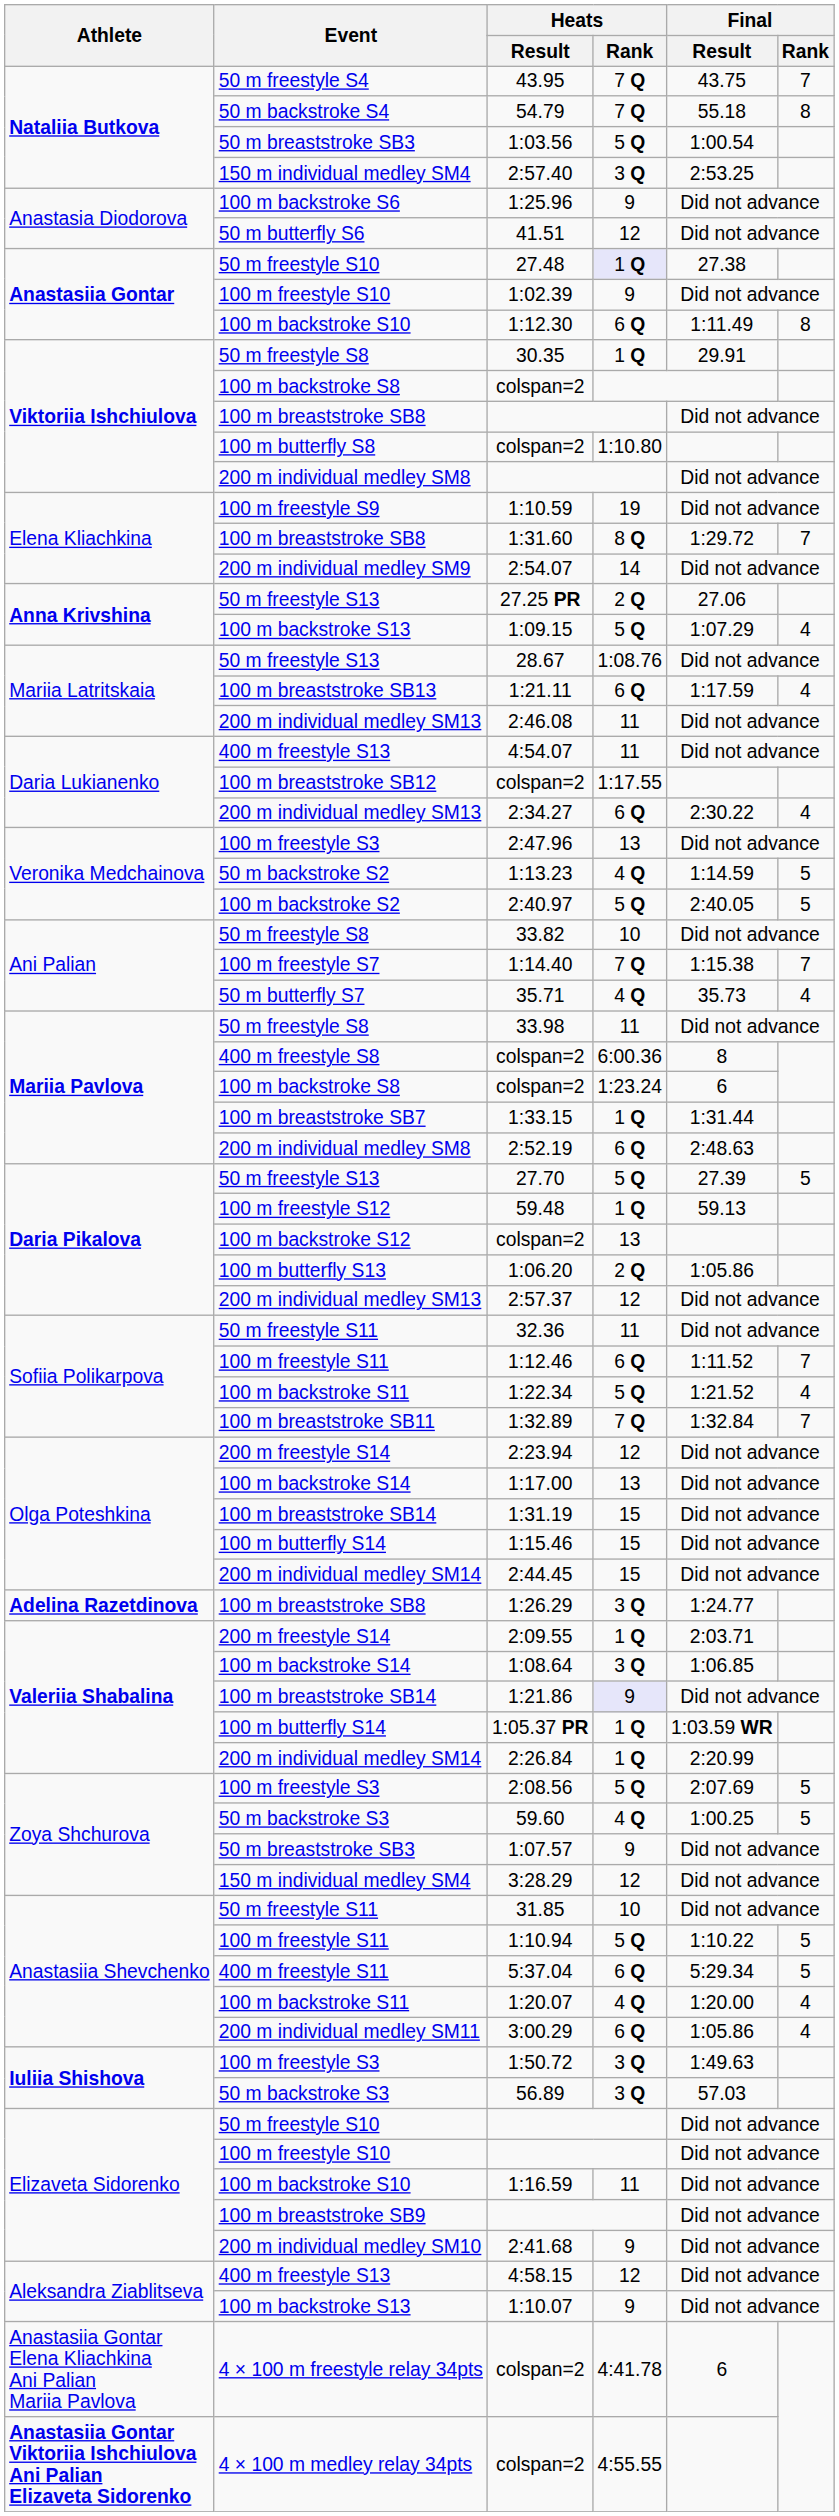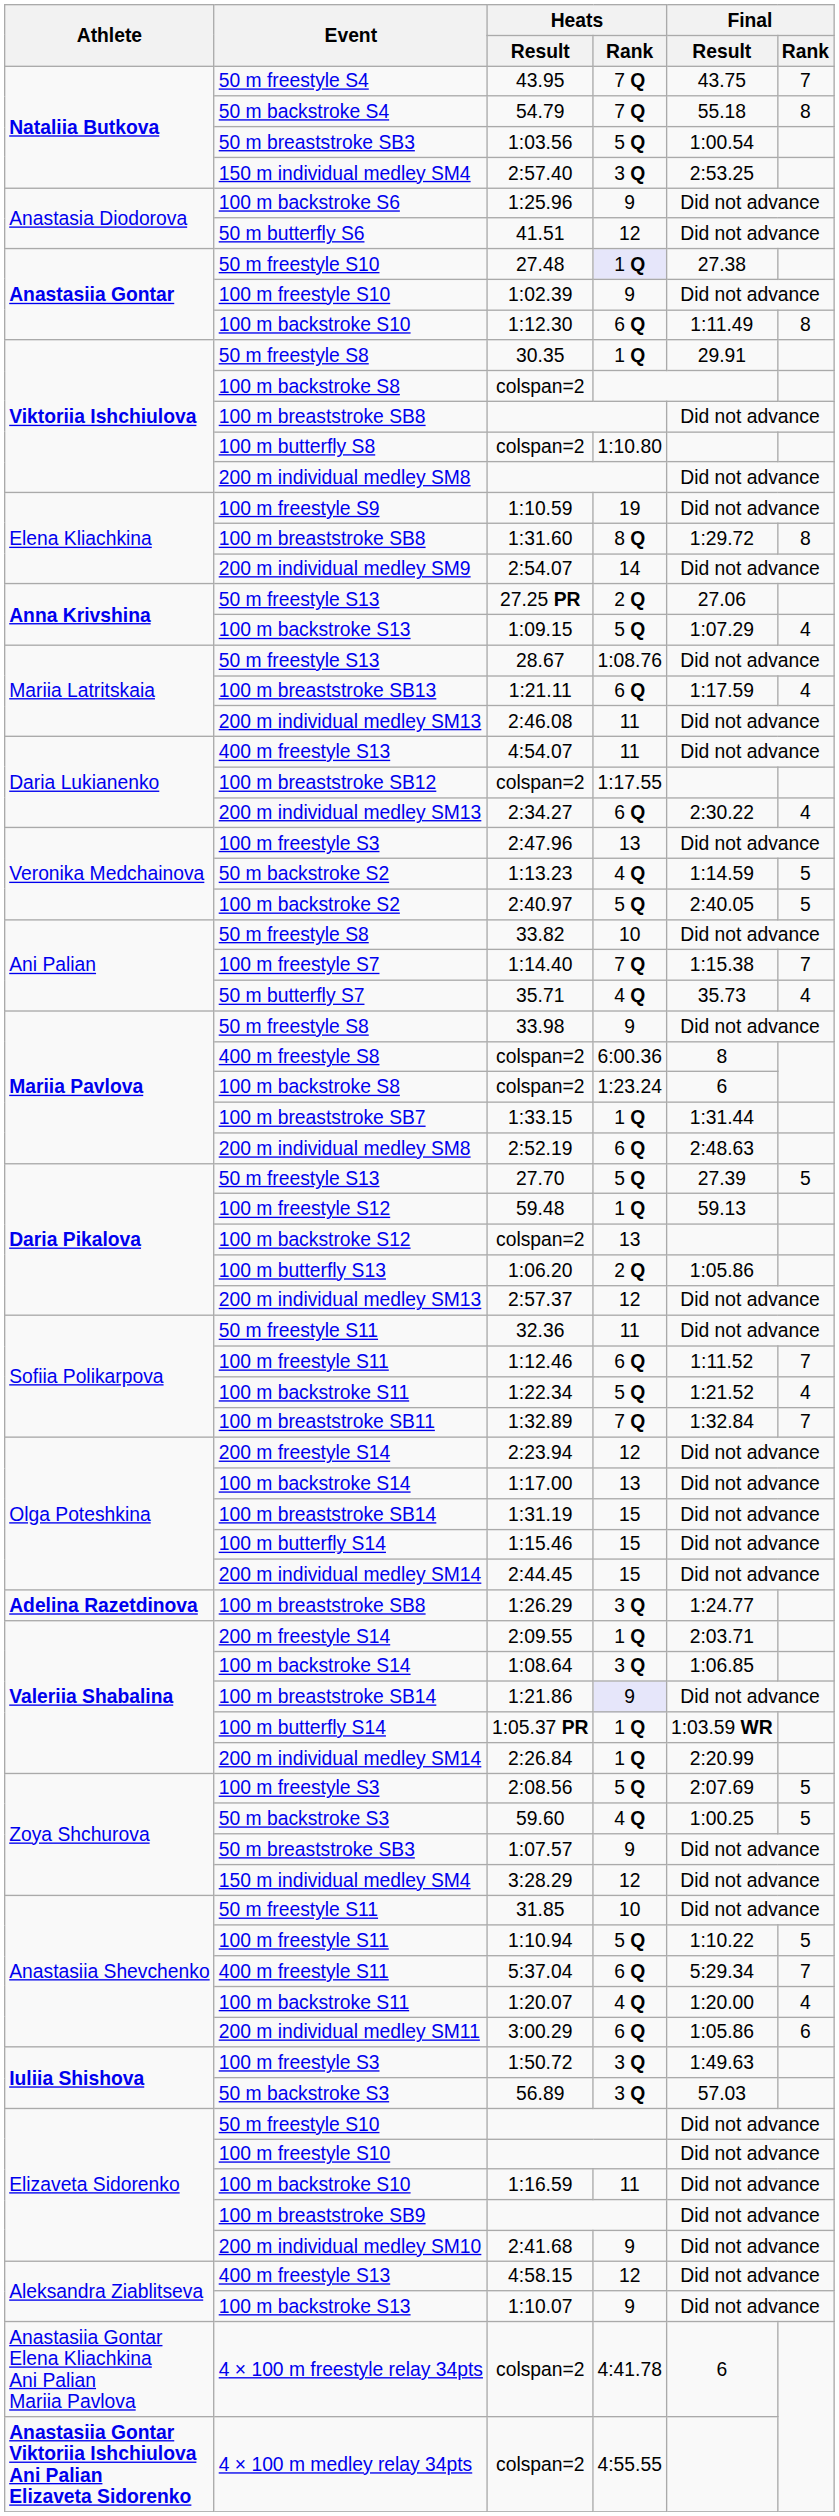 <table class=wikitable style="text-align:center; font-size:90%">
 <tr>
 <th rowspan=2>Athlete</th>
 <th rowspan=2>Event</th>
 <th colspan=2>Heats</th>
 <th colspan=2>Final</th>
 </tr>
 <tr>
 <th>Result</th>
 <th>Rank</th>
 <th>Result</th>
 <th>Rank</th>
 </tr>
 <tr>
 <td rowspan=4 align=left><strong><a href='#'>Nataliia Butkova</a></strong></td>
 <td align=left><a href='#'>50 m freestyle S4</a></td>
 <td>43.95</td>
 <td>7 <strong>Q</strong></td>
 <td>43.75</td>
 <td>7</td>
 </tr>
 <tr>
 <td align=left><a href='#'>50 m backstroke S4</a></td>
 <td>54.79</td>
 <td>7 <strong>Q</strong></td>
 <td>55.18</td>
 <td>8</td>
 </tr>
 <tr>
 <td align=left><a href='#'>50 m breaststroke SB3</a></td>
 <td>1:03.56</td>
 <td>5 <strong>Q</strong></td>
 <td>1:00.54</td>
 <td></td>
 </tr>
 <tr>
 <td align=left><a href='#'>150 m individual medley SM4</a></td>
 <td>2:57.40</td>
 <td>3 <strong>Q</strong></td>
 <td>2:53.25</td>
 <td></td>
 </tr>
 <tr>
 <td rowspan=2 align=left><a href='#'>Anastasia Diodorova</a></td>
 <td align=left><a href='#'>100 m backstroke S6</a></td>
 <td>1:25.96</td>
 <td>9</td>
 <td colspan=2>Did not advance</td>
 </tr>
 <tr>
 <td align=left><a href='#'>50 m butterfly S6</a></td>
 <td>41.51</td>
 <td>12</td>
 <td colspan=2>Did not advance</td>
 </tr>
 <tr>
 <td rowspan=3 align=left><strong><a href='#'>Anastasiia Gontar</a></strong></td>
 <td align=left><a href='#'>50 m freestyle S10</a></td>
 <td>27.48</td>
 <td style="background: lavender;">1 <strong>Q</strong></td>
 <td>27.38</td>
 <td></td>
 </tr>
 <tr>
 <td align=left><a href='#'>100 m freestyle S10</a></td>
 <td>1:02.39</td>
 <td>9</td>
 <td colspan=2>Did not advance</td>
 </tr>
 <tr>
 <td align=left><a href='#'>100 m backstroke S10</a></td>
 <td>1:12.30</td>
 <td>6 <strong>Q</strong></td>
 <td>1:11.49</td>
 <td>8</td>
 </tr>
 <tr>
 <td rowspan=5 align=left><strong><a href='#'>Viktoriia Ishchiulova</a></strong></td>
 <td align=left><a href='#'>50 m freestyle S8</a></td>
 <td>30.35</td>
 <td>1 <strong>Q</strong></td>
 <td>29.91</td>
 <td></td>
 </tr>
 <tr>
 <td align=left><a href='#'>100 m backstroke S8</a></td>
 <td>colspan=2 </td>
 <td colspan=2></td>
 </tr>
 <tr>
 <td align=left><a href='#'>100 m breaststroke SB8</a></td>
 <td colspan=2></td>
 <td colspan=2>Did not advance</td>
 </tr>
 <tr>
 <td align=left><a href='#'>100 m butterfly S8</a></td>
 <td>colspan=2 </td>
 <td>1:10.80</td>
 <td></td>
 </tr>
 <tr>
 <td align=left><a href='#'>200 m individual medley SM8</a></td>
 <td colspan=2></td>
 <td colspan=2>Did not advance</td>
 </tr>
 <tr>
 <td rowspan=3 align=left><a href='#'>Elena Kliachkina</a></td>
 <td align=left><a href='#'>100 m freestyle S9</a></td>
 <td>1:10.59</td>
 <td>19</td>
 <td colspan=2>Did not advance</td>
 </tr>
 <tr>
 <td align=left><a href='#'>100 m breaststroke SB8</a></td>
 <td>1:31.60</td>
 <td>8 <strong>Q</strong></td>
 <td>1:29.72</td>
-<td>7</td>
+<td>8</td>
 </tr>
 <tr>
 <td align=left><a href='#'>200 m individual medley SM9</a></td>
 <td>2:54.07</td>
 <td>14</td>
 <td colspan=2>Did not advance</td>
 </tr>
 <tr>
 <td rowspan=2 align=left><strong><a href='#'>Anna Krivshina</a></strong></td>
 <td align=left><a href='#'>50 m freestyle S13</a></td>
 <td>27.25 <strong>PR</strong></td>
 <td>2 <strong>Q</strong></td>
 <td>27.06</td>
 <td></td>
 </tr>
 <tr>
 <td align=left><a href='#'>100 m backstroke S13</a></td>
 <td>1:09.15</td>
 <td>5 <strong>Q</strong></td>
 <td>1:07.29</td>
 <td>4</td>
 </tr>
 <tr>
 <td rowspan=3 align=left><a href='#'>Mariia Latritskaia</a></td>
 <td align=left><a href='#'>50 m freestyle S13</a></td>
 <td>28.67</td>
 <td>1:08.76</td>
 <td colspan=2>Did not advance</td>
 </tr>
 <tr>
 <td align=left><a href='#'>100 m breaststroke SB13</a></td>
 <td>1:21.11</td>
 <td>6 <strong>Q</strong></td>
 <td>1:17.59</td>
 <td>4</td>
 </tr>
 <tr>
 <td align=left><a href='#'>200 m individual medley SM13</a></td>
 <td>2:46.08</td>
 <td>11</td>
 <td colspan=2>Did not advance</td>
 </tr>
 <tr>
 <td rowspan=3 align=left><a href='#'>Daria Lukianenko</a></td>
 <td align=left><a href='#'>400 m freestyle S13</a></td>
 <td>4:54.07</td>
 <td>11</td>
 <td colspan=2>Did not advance</td>
 </tr>
 <tr>
 <td align=left><a href='#'>100 m breaststroke SB12</a></td>
 <td>colspan=2 </td>
 <td>1:17.55</td>
 <td></td>
 </tr>
 <tr>
 <td align=left><a href='#'>200 m individual medley SM13</a></td>
 <td>2:34.27</td>
 <td>6 <strong>Q</strong></td>
 <td>2:30.22</td>
 <td>4</td>
 </tr>
 <tr>
 <td rowspan=3 align=left><a href='#'>Veronika Medchainova</a></td>
 <td align=left><a href='#'>100 m freestyle S3</a></td>
 <td>2:47.96</td>
 <td>13</td>
 <td colspan=2>Did not advance</td>
 </tr>
 <tr>
 <td align=left><a href='#'>50 m backstroke S2</a></td>
 <td>1:13.23</td>
 <td>4 <strong>Q</strong></td>
 <td>1:14.59</td>
 <td>5</td>
 </tr>
 <tr>
 <td align=left><a href='#'>100 m backstroke S2</a></td>
 <td>2:40.97</td>
 <td>5 <strong>Q</strong></td>
 <td>2:40.05</td>
 <td>5</td>
 </tr>
 <tr>
 <td rowspan=3 align=left><a href='#'>Ani Palian</a></td>
 <td align=left><a href='#'>50 m freestyle S8</a></td>
 <td>33.82</td>
 <td>10</td>
 <td colspan=2>Did not advance</td>
 </tr>
 <tr>
 <td align=left><a href='#'>100 m freestyle S7</a></td>
 <td>1:14.40</td>
 <td>7 <strong>Q</strong></td>
 <td>1:15.38</td>
 <td>7</td>
 </tr>
 <tr>
 <td align=left><a href='#'>50 m butterfly S7</a></td>
 <td>35.71</td>
 <td>4 <strong>Q</strong></td>
 <td>35.73</td>
 <td>4</td>
 </tr>
 <tr>
 <td rowspan=5 align=left><strong><a href='#'>Mariia Pavlova</a></strong></td>
 <td align=left><a href='#'>50 m freestyle S8</a></td>
 <td>33.98</td>
-<td>11</td>
+<td>9</td>
 <td colspan=2>Did not advance</td>
 </tr>
 <tr>
 <td align=left><a href='#'>400 m freestyle S8</a></td>
 <td>colspan=2 </td>
 <td>6:00.36</td>
 <td>8</td>
 </tr>
 <tr>
 <td align=left><a href='#'>100 m backstroke S8</a></td>
 <td>colspan=2 </td>
 <td>1:23.24</td>
 <td>6</td>
 </tr>
 <tr>
 <td align=left><a href='#'>100 m breaststroke SB7</a></td>
 <td>1:33.15</td>
 <td>1 <strong>Q</strong></td>
 <td>1:31.44</td>
 <td></td>
 </tr>
 <tr>
 <td align=left><a href='#'>200 m individual medley SM8</a></td>
 <td>2:52.19</td>
 <td>6 <strong>Q</strong></td>
 <td>2:48.63</td>
 <td></td>
 </tr>
 <tr>
 <td rowspan=5 align=left><strong><a href='#'>Daria Pikalova</a></strong></td>
 <td align=left><a href='#'>50 m freestyle S13</a></td>
 <td>27.70</td>
 <td>5 <strong>Q</strong></td>
 <td>27.39</td>
 <td>5</td>
 </tr>
 <tr>
 <td align=left><a href='#'>100 m freestyle S12</a></td>
 <td>59.48</td>
 <td>1 <strong>Q</strong></td>
 <td>59.13</td>
 <td></td>
 </tr>
 <tr>
 <td align=left><a href='#'>100 m backstroke S12</a></td>
 <td>colspan=2 </td>
 <td>13</td>
 <td></td>
 </tr>
 <tr>
 <td align=left><a href='#'>100 m butterfly S13</a></td>
 <td>1:06.20</td>
 <td>2 <strong>Q</strong></td>
 <td>1:05.86</td>
 <td></td>
 </tr>
 <tr>
 <td align=left><a href='#'>200 m individual medley SM13</a></td>
 <td>2:57.37</td>
 <td>12</td>
 <td colspan=2>Did not advance</td>
 </tr>
 <tr>
 <td rowspan=4 align=left><a href='#'>Sofiia Polikarpova</a></td>
 <td align=left><a href='#'>50 m freestyle S11</a></td>
 <td>32.36</td>
 <td>11</td>
 <td colspan=2>Did not advance</td>
 </tr>
 <tr>
 <td align=left><a href='#'>100 m freestyle S11</a></td>
 <td>1:12.46</td>
 <td>6 <strong>Q</strong></td>
 <td>1:11.52</td>
 <td>7</td>
 </tr>
 <tr>
 <td align=left><a href='#'>100 m backstroke S11</a></td>
 <td>1:22.34</td>
 <td>5 <strong>Q</strong></td>
 <td>1:21.52</td>
 <td>4</td>
 </tr>
 <tr>
 <td align=left><a href='#'>100 m breaststroke SB11</a></td>
 <td>1:32.89</td>
 <td>7 <strong>Q</strong></td>
 <td>1:32.84</td>
 <td>7</td>
 </tr>
 <tr>
 <td rowspan=5 align=left><a href='#'>Olga Poteshkina</a></td>
 <td align=left><a href='#'>200 m freestyle S14</a></td>
 <td>2:23.94</td>
 <td>12</td>
 <td colspan=2>Did not advance</td>
 </tr>
 <tr>
 <td align=left><a href='#'>100 m backstroke S14</a></td>
 <td>1:17.00</td>
 <td>13</td>
 <td colspan=2>Did not advance</td>
 </tr>
 <tr>
 <td align=left><a href='#'>100 m breaststroke SB14</a></td>
 <td>1:31.19</td>
 <td>15</td>
 <td colspan=2>Did not advance</td>
 </tr>
 <tr>
 <td align=left><a href='#'>100 m butterfly S14</a></td>
 <td>1:15.46</td>
 <td>15</td>
 <td colspan=2>Did not advance</td>
 </tr>
 <tr>
 <td align=left><a href='#'>200 m individual medley SM14</a></td>
 <td>2:44.45</td>
 <td>15</td>
 <td colspan=2>Did not advance</td>
 </tr>
 <tr>
 <td align=left><strong><a href='#'>Adelina Razetdinova</a></strong></td>
 <td align=left><a href='#'>100 m breaststroke SB8</a></td>
 <td>1:26.29</td>
 <td>3 <strong>Q</strong></td>
 <td>1:24.77</td>
 <td></td>
 </tr>
 <tr>
 <td rowspan=5 align=left><strong><a href='#'>Valeriia Shabalina</a></strong></td>
 <td align=left><a href='#'>200 m freestyle S14</a></td>
 <td>2:09.55</td>
 <td>1 <strong>Q</strong></td>
 <td>2:03.71</td>
 <td></td>
 </tr>
 <tr>
 <td align=left><a href='#'>100 m backstroke S14</a></td>
 <td>1:08.64</td>
 <td>3 <strong>Q</strong></td>
 <td>1:06.85</td>
 <td></td>
 </tr>
 <tr>
 <td align=left><a href='#'>100 m breaststroke SB14</a></td>
 <td>1:21.86</td>
 <td style="background: lavender;">9</td>
 <td colspan=2>Did not advance</td>
 </tr>
 <tr>
 <td align=left><a href='#'>100 m butterfly S14</a></td>
 <td>1:05.37 <strong>PR</strong></td>
 <td>1 <strong>Q</strong></td>
 <td>1:03.59 <strong>WR</strong></td>
 <td></td>
 </tr>
 <tr>
 <td align=left><a href='#'>200 m individual medley SM14</a></td>
 <td>2:26.84</td>
 <td>1 <strong>Q</strong></td>
 <td>2:20.99</td>
 <td></td>
 </tr>
 <tr>
 <td rowspan=4 align=left><a href='#'>Zoya Shchurova</a></td>
 <td align=left><a href='#'>100 m freestyle S3</a></td>
 <td>2:08.56</td>
 <td>5 <strong>Q</strong></td>
 <td>2:07.69</td>
 <td>5</td>
 </tr>
 <tr>
 <td align=left><a href='#'>50 m backstroke S3</a></td>
 <td>59.60</td>
 <td>4 <strong>Q</strong></td>
 <td>1:00.25</td>
 <td>5</td>
 </tr>
 <tr>
 <td align=left><a href='#'>50 m breaststroke SB3</a></td>
 <td>1:07.57</td>
 <td>9</td>
 <td colspan=2>Did not advance</td>
 </tr>
 <tr>
 <td align=left><a href='#'>150 m individual medley SM4</a></td>
 <td>3:28.29</td>
 <td>12</td>
 <td colspan=2>Did not advance</td>
 </tr>
 <tr>
 <td rowspan=5 align=left><a href='#'>Anastasiia Shevchenko</a></td>
 <td align=left><a href='#'>50 m freestyle S11</a></td>
 <td>31.85</td>
 <td>10</td>
 <td colspan=2>Did not advance</td>
 </tr>
 <tr>
 <td align=left><a href='#'>100 m freestyle S11</a></td>
 <td>1:10.94</td>
 <td>5 <strong>Q</strong></td>
 <td>1:10.22</td>
 <td>5</td>
 </tr>
 <tr>
 <td align=left><a href='#'>400 m freestyle S11</a></td>
 <td>5:37.04</td>
 <td>6 <strong>Q</strong></td>
 <td>5:29.34</td>
-<td>5</td>
+<td>7</td>
 </tr>
 <tr>
 <td align=left><a href='#'>100 m backstroke S11</a></td>
 <td>1:20.07</td>
 <td>4 <strong>Q</strong></td>
 <td>1:20.00</td>
 <td>4</td>
 </tr>
 <tr>
 <td align=left><a href='#'>200 m individual medley SM11</a></td>
 <td>3:00.29</td>
 <td>6 <strong>Q</strong></td>
 <td>1:05.86</td>
-<td>4</td>
+<td>6</td>
 </tr>
 <tr>
 <td rowspan=2 align=left><strong><a href='#'>Iuliia Shishova</a></strong></td>
 <td align=left><a href='#'>100 m freestyle S3</a></td>
 <td>1:50.72</td>
 <td>3 <strong>Q</strong></td>
 <td>1:49.63</td>
 <td></td>
 </tr>
 <tr>
 <td align=left><a href='#'>50 m backstroke S3</a></td>
 <td>56.89</td>
 <td>3 <strong>Q</strong></td>
 <td>57.03</td>
 <td></td>
 </tr>
 <tr>
 <td rowspan=5 align=left><a href='#'>Elizaveta Sidorenko</a></td>
 <td align=left><a href='#'>50 m freestyle S10</a></td>
 <td colspan=2></td>
 <td colspan=2>Did not advance</td>
 </tr>
 <tr>
 <td align=left><a href='#'>100 m freestyle S10</a></td>
 <td colspan=2></td>
 <td colspan=2>Did not advance</td>
 </tr>
 <tr>
 <td align=left><a href='#'>100 m backstroke S10</a></td>
 <td>1:16.59</td>
 <td>11</td>
 <td colspan=2>Did not advance</td>
 </tr>
 <tr>
 <td align=left><a href='#'>100 m breaststroke SB9</a></td>
 <td colspan=2></td>
 <td colspan=2>Did not advance</td>
 </tr>
 <tr>
 <td align=left><a href='#'>200 m individual medley SM10</a></td>
 <td>2:41.68</td>
 <td>9</td>
 <td colspan=2>Did not advance</td>
 </tr>
 <tr>
 <td rowspan=2 align=left><a href='#'>Aleksandra Ziablitseva</a></td>
 <td align=left><a href='#'>400 m freestyle S13</a></td>
 <td>4:58.15</td>
 <td>12</td>
 <td colspan=2>Did not advance</td>
 </tr>
 <tr>
 <td align=left><a href='#'>100 m backstroke S13</a></td>
 <td>1:10.07</td>
 <td>9</td>
 <td colspan=2>Did not advance</td>
 </tr>
 <tr>
 <td align=left><a href='#'>Anastasiia Gontar</a><br><a href='#'>Elena Kliachkina</a><br><a href='#'>Ani Palian</a><br><a href='#'>Mariia Pavlova</a></td>
 <td align=left><a href='#'>4 × 100 m freestyle relay 34pts</a></td>
 <td>colspan=2 </td>
 <td>4:41.78</td>
 <td>6</td>
 </tr>
 <tr>
 <td align=left><strong><a href='#'>Anastasiia Gontar</a><br><a href='#'>Viktoriia Ishchiulova</a><br><a href='#'>Ani Palian</a><br><a href='#'>Elizaveta Sidorenko</a></strong></td>
 <td align=left><a href='#'>4 × 100 m medley relay 34pts</a></td>
 <td>colspan=2 </td>
 <td>4:55.55</td>
 <td></td>
 </tr>
 </table>
